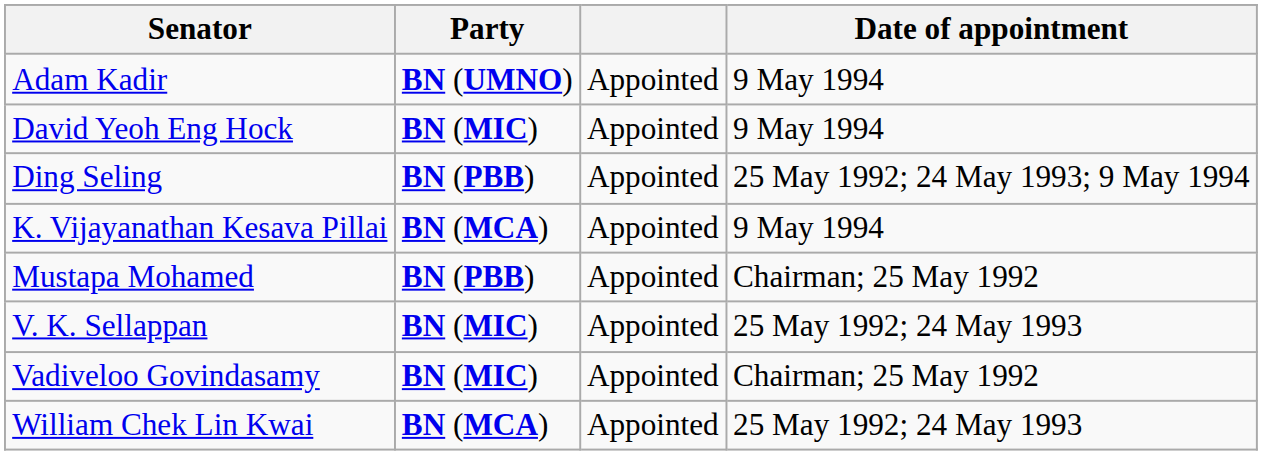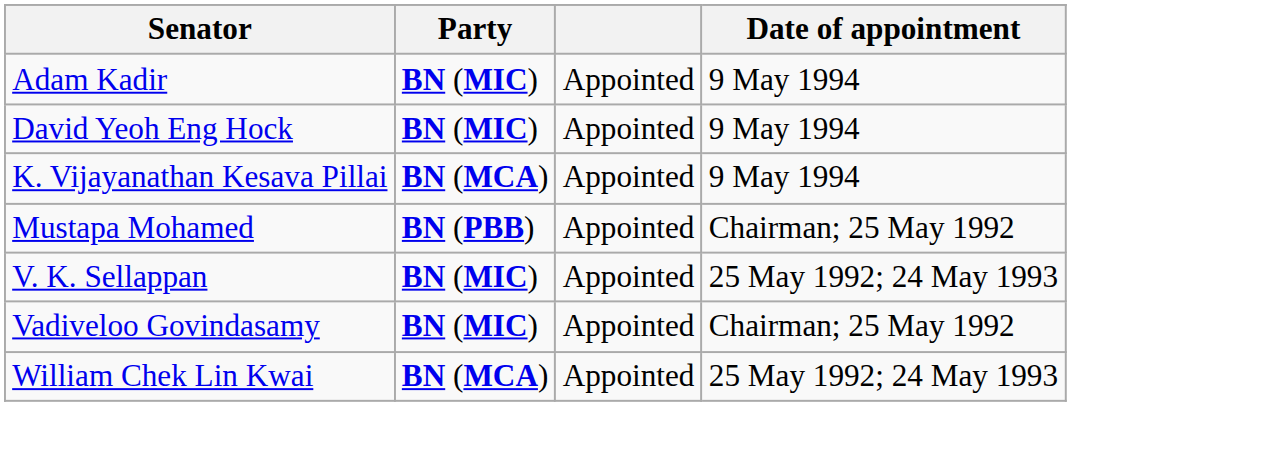 <table class="wikitable sortable">
 <tr>
 <th>Senator</th>
 <th>Party</th>
 <th></th>
 <th>Date of appointment</th>
 </tr>
 <tr>
 <td><a href='#'>Adam Kadir</a></td>
-<td><strong><a href='#'>BN</a></strong> (<strong><a href='#'>UMNO</a></strong>)</td>
+<td><strong><a href='#'>BN</a></strong> (<strong><a href='#'>MIC</a></strong>)</td>
 <td>Appointed</td>
 <td>9 May 1994</td>
 </tr>
 <tr>
 <td><a href='#'>David Yeoh Eng Hock</a></td>
 <td><strong><a href='#'>BN</a></strong> (<strong><a href='#'>MIC</a></strong>)</td>
 <td>Appointed</td>
 <td>9 May 1994</td>
-</tr>
-<tr>
-<td><a href='#'>Ding Seling</a></td>
-<td><strong><a href='#'>BN</a></strong> (<strong><a href='#'>PBB</a></strong>)</td>
-<td>Appointed</td>
-<td>25 May 1992; 24 May 1993; 9 May 1994</td>
 </tr>
 <tr>
 <td><a href='#'>K. Vijayanathan Kesava Pillai</a></td>
 <td><strong><a href='#'>BN</a></strong> (<strong><a href='#'>MCA</a></strong>)</td>
 <td>Appointed</td>
 <td>9 May 1994</td>
 </tr>
 <tr>
 <td><a href='#'>Mustapa Mohamed</a></td>
 <td><strong><a href='#'>BN</a></strong> (<strong><a href='#'>PBB</a></strong>)</td>
 <td>Appointed</td>
 <td>Chairman; 25 May 1992</td>
 </tr>
 <tr>
 <td><a href='#'>V. K. Sellappan</a></td>
 <td><strong><a href='#'>BN</a></strong> (<strong><a href='#'>MIC</a></strong>)</td>
 <td>Appointed</td>
 <td>25 May 1992; 24 May 1993</td>
 </tr>
 <tr>
 <td><a href='#'>Vadiveloo Govindasamy</a></td>
 <td><strong><a href='#'>BN</a></strong> (<strong><a href='#'>MIC</a></strong>)</td>
 <td>Appointed</td>
 <td>Chairman; 25 May 1992</td>
 </tr>
 <tr>
 <td><a href='#'>William Chek Lin Kwai</a></td>
 <td><strong><a href='#'>BN</a></strong> (<strong><a href='#'>MCA</a></strong>)</td>
 <td>Appointed</td>
 <td>25 May 1992; 24 May 1993</td>
 </tr>
 </table>
